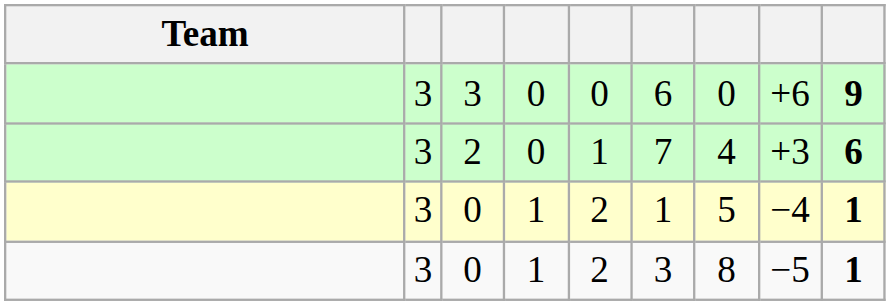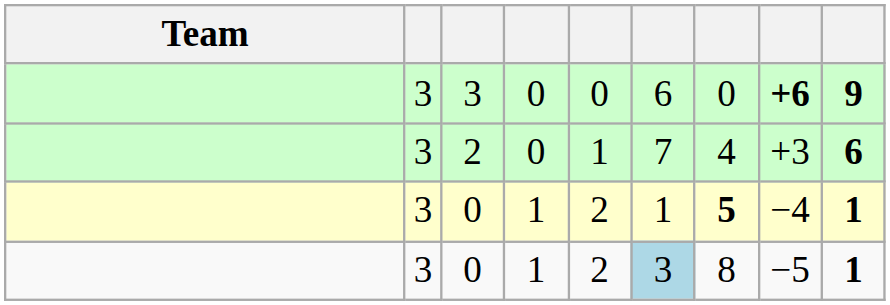 <table class="wikitable" style="text-align: center;">
 <tr>
 <th width=165>Team</th>
 <th wiBAN=20></th>
 <th width=20></th>
 <th width=20></th>
 <th width=20></th>
 <th width=20></th>
 <th width=20></th>
 <th width=20></th>
 <th width=20></th>
 </tr>
 <tr style="background:#cfc;">
 <td align=left></td>
 <td>3</td>
 <td>3</td>
 <td>0</td>
 <td>0</td>
 <td>6</td>
 <td>0</td>
-<td>+6</td>
+<td><strong>+6</strong></td>
 <td><strong>9</strong></td>
 </tr>
 <tr style="background:#cfc;">
 <td align=left></td>
 <td>3</td>
 <td>2</td>
 <td>0</td>
 <td>1</td>
 <td>7</td>
 <td>4</td>
 <td>+3</td>
 <td><strong>6</strong></td>
 </tr>
 <tr style="background:#ffc;">
 <td align=left></td>
 <td>3</td>
 <td>0</td>
 <td>1</td>
 <td>2</td>
 <td>1</td>
-<td>5</td>
+<td><strong>5</strong></td>
 <td>−4</td>
 <td><strong>1</strong></td>
 </tr>
 <tr>
 <td align=left></td>
 <td>3</td>
 <td>0</td>
 <td>1</td>
 <td>2</td>
-<td>3</td>
+<td style="background: lightblue;">3</td>
 <td>8</td>
 <td>−5</td>
 <td><strong>1</strong></td>
 </tr>
 </table>
